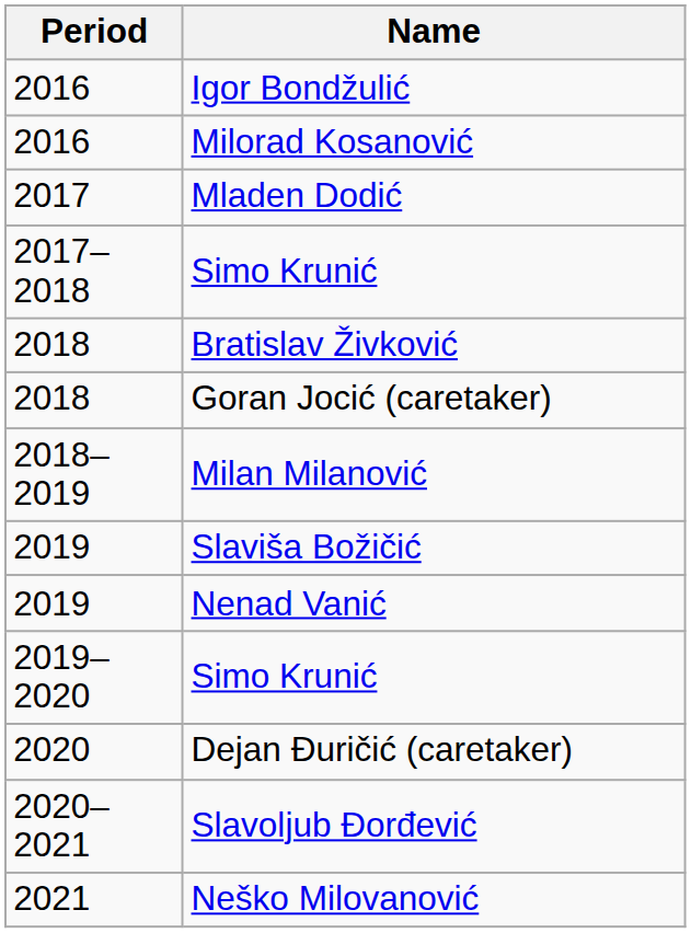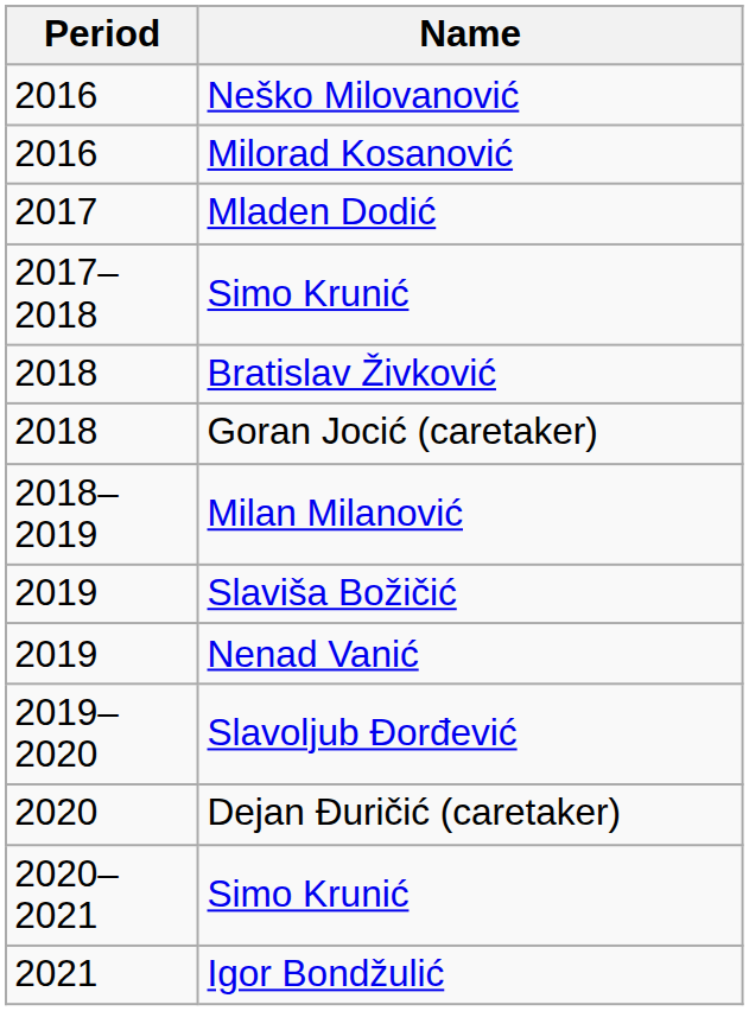 <table class="wikitable">
 <tr>
 <th width="75">Period</th>
 <th width="225">Name</th>
 </tr>
 <tr>
 <td>2016</td>
-<td> <a href='#'>Igor Bondžulić</a></td>
+<td> <a href='#'>Neško Milovanović</a></td>
 </tr>
 <tr>
 <td>2016</td>
 <td> <a href='#'>Milorad Kosanović</a></td>
 </tr>
 <tr>
 <td>2017</td>
 <td> <a href='#'>Mladen Dodić</a></td>
 </tr>
 <tr>
 <td>2017–2018</td>
 <td> <a href='#'>Simo Krunić</a></td>
 </tr>
 <tr>
 <td>2018</td>
 <td> <a href='#'>Bratislav Živković</a></td>
 </tr>
 <tr>
 <td>2018</td>
 <td> Goran Jocić (caretaker)</td>
 </tr>
 <tr>
 <td>2018–2019</td>
 <td> <a href='#'>Milan Milanović</a></td>
 </tr>
 <tr>
 <td>2019</td>
 <td> <a href='#'>Slaviša Božičić</a></td>
 </tr>
 <tr>
 <td>2019</td>
 <td> <a href='#'>Nenad Vanić</a></td>
 </tr>
 <tr>
 <td>2019–2020</td>
-<td> <a href='#'>Simo Krunić</a></td>
+<td> <a href='#'>Slavoljub Đorđević</a></td>
 </tr>
 <tr>
 <td>2020</td>
 <td> Dejan Đuričić (caretaker)</td>
 </tr>
 <tr>
 <td>2020–2021</td>
-<td> <a href='#'>Slavoljub Đorđević</a></td>
+<td> <a href='#'>Simo Krunić</a></td>
 </tr>
 <tr>
 <td>2021</td>
-<td> <a href='#'>Neško Milovanović</a></td>
+<td> <a href='#'>Igor Bondžulić</a></td>
 </tr>
 </table>
